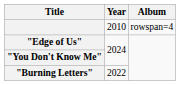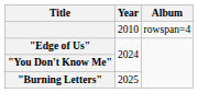 <table class="wikitable plainrowheaders" style="text-align:center;" border="1">
 <tr>
 <th scope="col" style="width:10em;">Title</th>
 <th scope="col">Year</th>
 <th scope="col">Album</th>
 </tr>
 <tr>
 <th scope="row"></th>
 <td>2010</td>
 <td>rowspan=4 </td>
 </tr>
 <tr>
 <th scope="row">"Edge of Us"</th>
 <td rowspan=2>2024</td>
 </tr>
 <tr>
 <th scope="row">"You Don't Know Me"</th>
 </tr>
 <tr>
 <th scope="row">"Burning Letters"</th>
-<td>2022</td>
+<td>2025</td>
 </tr>
 </table>
